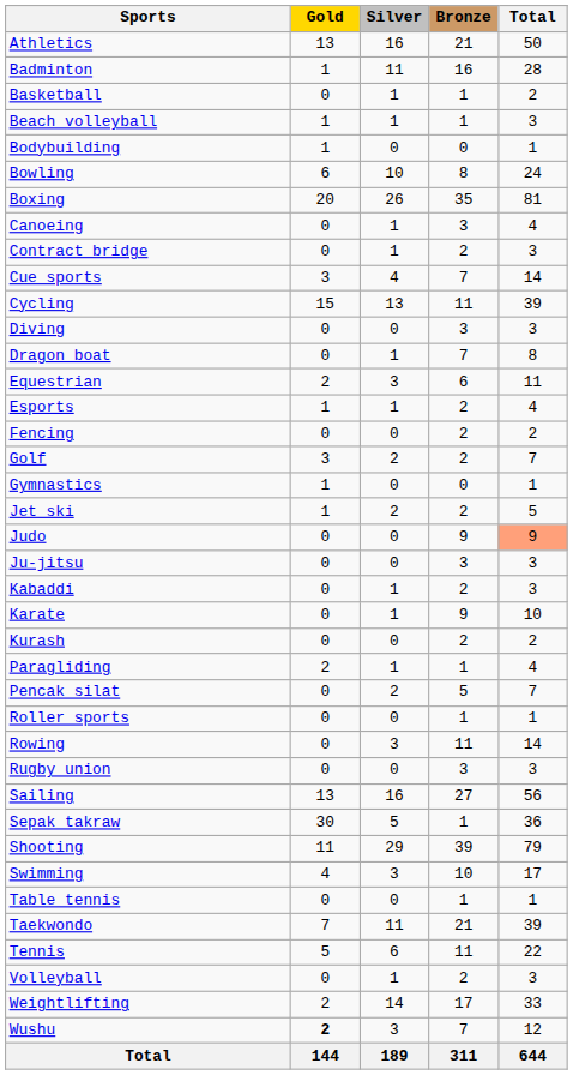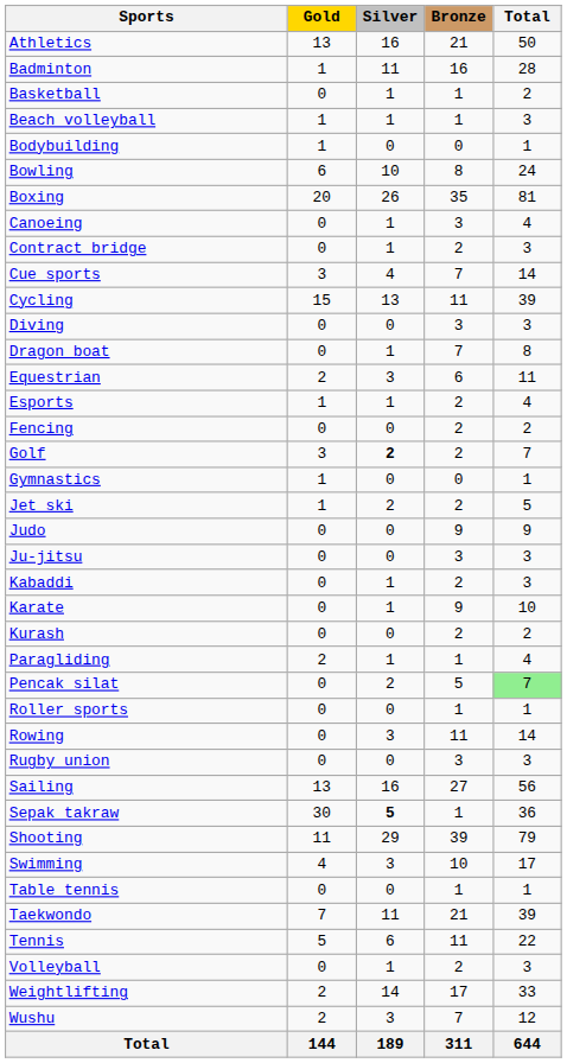 <table class="wikitable sortable" style="margin-top:0em; text-align:center; font-size:90%;">
 <tr>
 <th style="width:18em">Sports</th>
 <th style="width:4em; background:gold;">Gold</th>
 <th style="width:4em; background:silver;">Silver</th>
 <th style="width:4em; background:#cc9966;">Bronze</th>
 <th style="width:4em;">Total</th>
 </tr>
 <tr>
 <td align=left> <a href='#'>Athletics</a></td>
 <td>13</td>
 <td>16</td>
 <td>21</td>
 <td>50</td>
 </tr>
 <tr>
 <td align=left> <a href='#'>Badminton</a></td>
 <td>1</td>
 <td>11</td>
 <td>16</td>
 <td>28</td>
 </tr>
 <tr>
 <td align=left> <a href='#'>Basketball</a></td>
 <td>0</td>
 <td>1</td>
 <td>1</td>
 <td>2</td>
 </tr>
 <tr>
 <td align=left> <a href='#'>Beach volleyball</a></td>
 <td>1</td>
 <td>1</td>
 <td>1</td>
 <td>3</td>
 </tr>
 <tr>
 <td align=left> <a href='#'>Bodybuilding</a></td>
 <td>1</td>
 <td>0</td>
 <td>0</td>
 <td>1</td>
 </tr>
 <tr>
 <td align=left> <a href='#'>Bowling</a></td>
 <td>6</td>
 <td>10</td>
 <td>8</td>
 <td>24</td>
 </tr>
 <tr>
 <td align=left> <a href='#'>Boxing</a></td>
 <td>20</td>
 <td>26</td>
 <td>35</td>
 <td>81</td>
 </tr>
 <tr>
 <td align=left> <a href='#'>Canoeing</a></td>
 <td>0</td>
 <td>1</td>
 <td>3</td>
 <td>4</td>
 </tr>
 <tr>
 <td align=left> <a href='#'>Contract bridge</a></td>
 <td>0</td>
 <td>1</td>
 <td>2</td>
 <td>3</td>
 </tr>
 <tr>
 <td align=left> <a href='#'>Cue sports</a></td>
 <td>3</td>
 <td>4</td>
 <td>7</td>
 <td>14</td>
 </tr>
 <tr>
 <td align=left> <a href='#'>Cycling</a></td>
 <td>15</td>
 <td>13</td>
 <td>11</td>
 <td>39</td>
 </tr>
 <tr>
 <td align=left> <a href='#'>Diving</a></td>
 <td>0</td>
 <td>0</td>
 <td>3</td>
 <td>3</td>
 </tr>
 <tr>
 <td align=left> <a href='#'>Dragon boat</a></td>
 <td>0</td>
 <td>1</td>
 <td>7</td>
 <td>8</td>
 </tr>
 <tr>
 <td align=left> <a href='#'>Equestrian</a></td>
 <td>2</td>
 <td>3</td>
 <td>6</td>
 <td>11</td>
 </tr>
 <tr>
 <td align=left> <a href='#'>Esports</a></td>
 <td>1</td>
 <td>1</td>
 <td>2</td>
 <td>4</td>
 </tr>
 <tr>
 <td align=left> <a href='#'>Fencing</a></td>
 <td>0</td>
 <td>0</td>
 <td>2</td>
 <td>2</td>
 </tr>
 <tr>
 <td align=left> <a href='#'>Golf</a></td>
 <td>3</td>
-<td>2</td>
+<td><strong>2</strong></td>
 <td>2</td>
 <td>7</td>
 </tr>
 <tr>
 <td align=left> <a href='#'>Gymnastics</a></td>
 <td>1</td>
 <td>0</td>
 <td>0</td>
 <td>1</td>
 </tr>
 <tr>
 <td align=left> <a href='#'>Jet ski</a></td>
 <td>1</td>
 <td>2</td>
 <td>2</td>
 <td>5</td>
 </tr>
 <tr>
 <td align=left> <a href='#'>Judo</a></td>
 <td>0</td>
 <td>0</td>
 <td>9</td>
-<td style="background: lightsalmon;">9</td>
+<td>9</td>
 </tr>
 <tr>
 <td align=left> <a href='#'>Ju-jitsu</a></td>
 <td>0</td>
 <td>0</td>
 <td>3</td>
 <td>3</td>
 </tr>
 <tr>
 <td align=left> <a href='#'>Kabaddi</a></td>
 <td>0</td>
 <td>1</td>
 <td>2</td>
 <td>3</td>
 </tr>
 <tr>
 <td align=left> <a href='#'>Karate</a></td>
 <td>0</td>
 <td>1</td>
 <td>9</td>
 <td>10</td>
 </tr>
 <tr>
 <td align=left> <a href='#'>Kurash</a></td>
 <td>0</td>
 <td>0</td>
 <td>2</td>
 <td>2</td>
 </tr>
 <tr>
 <td align=left> <a href='#'>Paragliding</a></td>
 <td>2</td>
 <td>1</td>
 <td>1</td>
 <td>4</td>
 </tr>
 <tr>
 <td align=left> <a href='#'>Pencak silat</a></td>
 <td>0</td>
 <td>2</td>
 <td>5</td>
-<td>7</td>
+<td style="background: lightgreen;">7</td>
 </tr>
 <tr>
 <td align=left> <a href='#'>Roller sports</a></td>
 <td>0</td>
 <td>0</td>
 <td>1</td>
 <td>1</td>
 </tr>
 <tr>
 <td align=left> <a href='#'>Rowing</a></td>
 <td>0</td>
 <td>3</td>
 <td>11</td>
 <td>14</td>
 </tr>
 <tr>
 <td align=left> <a href='#'>Rugby union</a></td>
 <td>0</td>
 <td>0</td>
 <td>3</td>
 <td>3</td>
 </tr>
 <tr>
 <td align=left> <a href='#'>Sailing</a></td>
 <td>13</td>
 <td>16</td>
 <td>27</td>
 <td>56</td>
 </tr>
 <tr>
 <td align=left> <a href='#'>Sepak takraw</a></td>
 <td>30</td>
-<td>5</td>
+<td><strong>5</strong></td>
 <td>1</td>
 <td>36</td>
 </tr>
 <tr>
 <td align=left> <a href='#'>Shooting</a></td>
 <td>11</td>
 <td>29</td>
 <td>39</td>
 <td>79</td>
 </tr>
 <tr>
 <td align=left> <a href='#'>Swimming</a></td>
 <td>4</td>
 <td>3</td>
 <td>10</td>
 <td>17</td>
 </tr>
 <tr>
 <td align=left> <a href='#'>Table tennis</a></td>
 <td>0</td>
 <td>0</td>
 <td>1</td>
 <td>1</td>
 </tr>
 <tr>
 <td align=left> <a href='#'>Taekwondo</a></td>
 <td>7</td>
 <td>11</td>
 <td>21</td>
 <td>39</td>
 </tr>
 <tr>
 <td align=left> <a href='#'>Tennis</a></td>
 <td>5</td>
 <td>6</td>
 <td>11</td>
 <td>22</td>
 </tr>
 <tr>
 <td align=left> <a href='#'>Volleyball</a></td>
 <td>0</td>
 <td>1</td>
 <td>2</td>
 <td>3</td>
 </tr>
 <tr>
 <td align=left> <a href='#'>Weightlifting</a></td>
 <td>2</td>
 <td>14</td>
 <td>17</td>
 <td>33</td>
 </tr>
 <tr>
 <td align=left> <a href='#'>Wushu</a></td>
-<td><strong>2</strong></td>
+<td>2</td>
 <td>3</td>
 <td>7</td>
 <td>12</td>
 </tr>
 <tr>
 <th>Total</th>
 <th>144</th>
 <th>189</th>
 <th>311</th>
 <th>644</th>
 </tr>
 </table>
